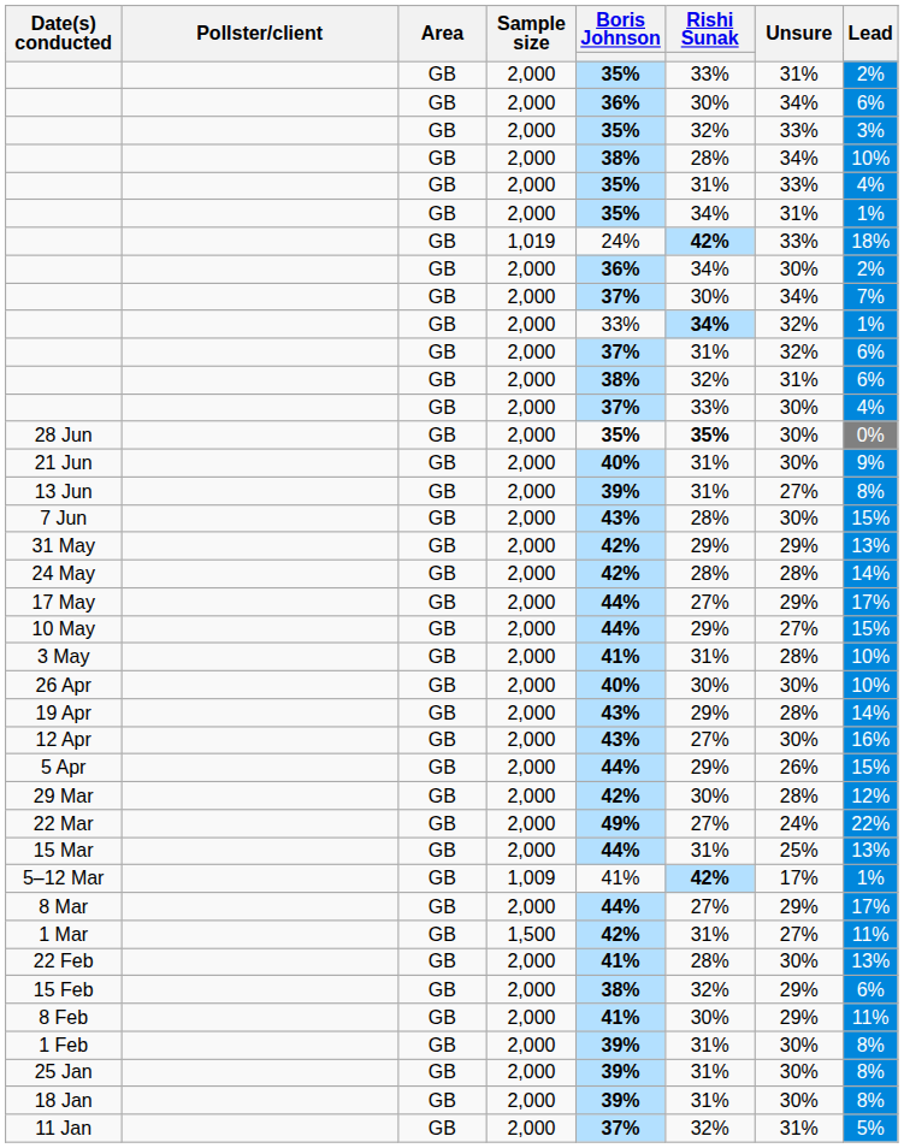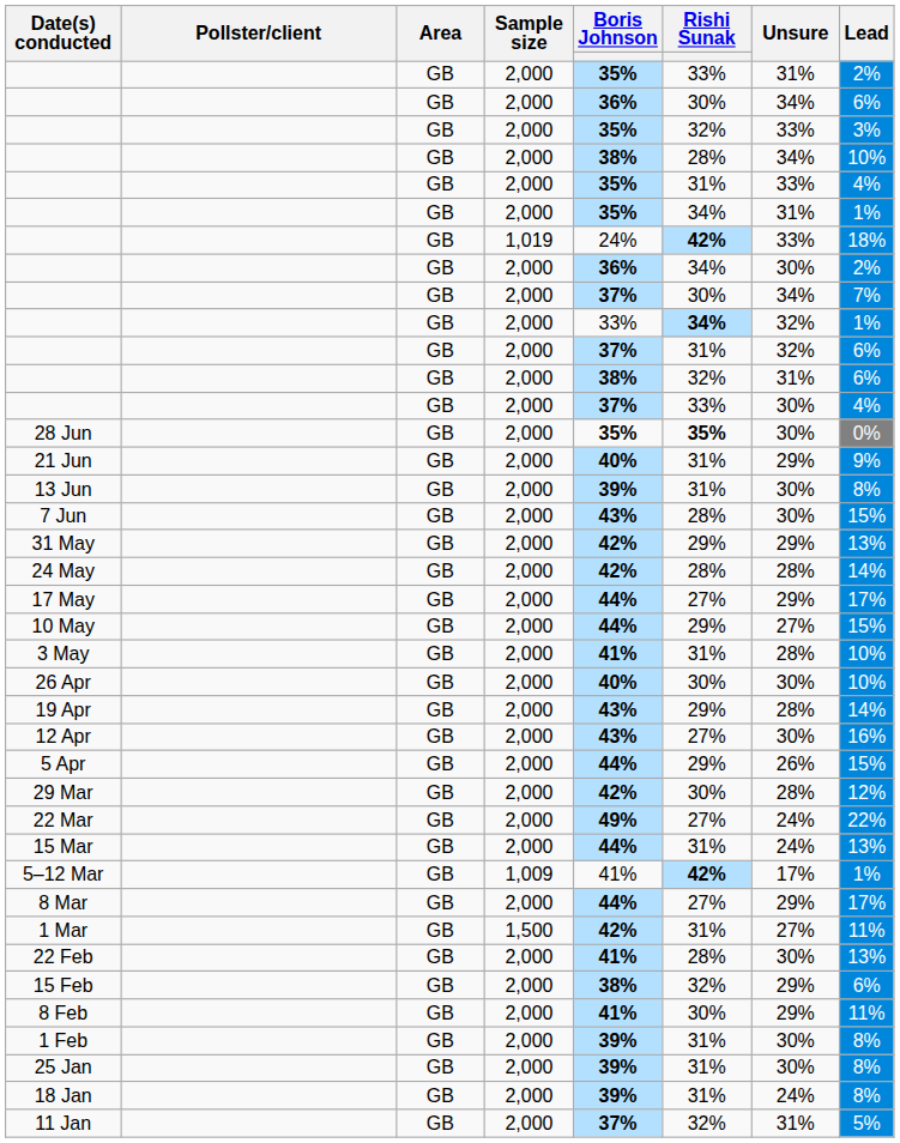 <table class="wikitable collapsible sortable mw-datatable" style="text-align:center;font-size:90%;line-height:14px">
 <tr>
 <th style="width:80px;" rowspan="2" class="unsortable">Date(s)<br>conducted</th>
 <th style="width:200px;" rowspan="2">Pollster/client</th>
 <th style="width:60px;" rowspan="2">Area</th>
 <th style="width:60px;" rowspan="2">Sample size</th>
 <th style="width:60px;" class="unsortable"><a href='#'>Boris Johnson</a></th>
 <th style="width:60px;" class="unsortable"><a href='#'>Rishi Sunak</a></th>
 <th style="width:60px;" rowspan="2" class="unsortable">Unsure</th>
 <th class="unsortable" style="width:20px;" rowspan="2">Lead</th>
 </tr>
 <tr>
 <th class="unsortable" style="color:inherit;background:"></th>
 <th class="unsortable" style="color:inherit;background:"></th>
 </tr>
 <tr>
 <td></td>
 <td></td>
 <td>GB</td>
 <td>2,000</td>
 <td style="background:#B3E0FF"><strong>35%</strong></td>
 <td>33%</td>
 <td>31%</td>
 <td style="background:#0087DC; color:white;">2%</td>
 </tr>
 <tr>
 <td></td>
 <td></td>
 <td>GB</td>
 <td>2,000</td>
 <td style="background:#B3E0FF"><strong>36%</strong></td>
 <td>30%</td>
 <td>34%</td>
 <td style="background:#0087DC; color:white;">6%</td>
 </tr>
 <tr>
 <td></td>
 <td></td>
 <td>GB</td>
 <td>2,000</td>
 <td style="background:#B3E0FF"><strong>35%</strong></td>
 <td>32%</td>
 <td>33%</td>
 <td style="background:#0087DC; color:white;">3%</td>
 </tr>
 <tr>
 <td></td>
 <td></td>
 <td>GB</td>
 <td>2,000</td>
 <td style="background:#B3E0FF"><strong>38%</strong></td>
 <td>28%</td>
 <td>34%</td>
 <td style="background:#0087DC; color:white;">10%</td>
 </tr>
 <tr>
 <td></td>
 <td></td>
 <td>GB</td>
 <td>2,000</td>
 <td style="background:#B3E0FF"><strong>35%</strong></td>
 <td>31%</td>
 <td>33%</td>
 <td style="background:#0087DC; color:white;">4%</td>
 </tr>
 <tr>
 <td></td>
 <td></td>
 <td>GB</td>
 <td>2,000</td>
 <td style="background:#B3E0FF"><strong>35%</strong></td>
 <td>34%</td>
 <td>31%</td>
 <td style="background:#0087DC; color:white;">1%</td>
 </tr>
 <tr>
 <td></td>
 <td></td>
 <td>GB</td>
 <td>1,019</td>
 <td>24%</td>
 <td style="background:#B3E0FF"><strong>42%</strong></td>
 <td>33%</td>
 <td style="background:#0087DC; color:white;">18%</td>
 </tr>
 <tr>
 <td></td>
 <td></td>
 <td>GB</td>
 <td>2,000</td>
 <td style="background:#B3E0FF"><strong>36%</strong></td>
 <td>34%</td>
 <td>30%</td>
 <td style="background:#0087DC; color:white;">2%</td>
 </tr>
 <tr>
 <td></td>
 <td></td>
 <td>GB</td>
 <td>2,000</td>
 <td style="background:#B3E0FF"><strong>37%</strong></td>
 <td>30%</td>
 <td>34%</td>
 <td style="background:#0087DC; color:white;">7%</td>
 </tr>
 <tr>
 <td></td>
 <td></td>
 <td>GB</td>
 <td>2,000</td>
 <td>33%</td>
 <td style="background:#B3E0FF"><strong>34%</strong></td>
 <td>32%</td>
 <td style="background:#0087DC; color:white;">1%</td>
 </tr>
 <tr>
 <td></td>
 <td></td>
 <td>GB</td>
 <td>2,000</td>
 <td style="background:#B3E0FF"><strong>37%</strong></td>
 <td>31%</td>
 <td>32%</td>
 <td style="background:#0087DC; color:white;">6%</td>
 </tr>
 <tr>
 <td></td>
 <td></td>
 <td>GB</td>
 <td>2,000</td>
 <td style="background:#B3E0FF"><strong>38%</strong></td>
 <td>32%</td>
 <td>31%</td>
 <td style="background:#0087DC; color:white;">6%</td>
 </tr>
 <tr>
 <td></td>
 <td></td>
 <td>GB</td>
 <td>2,000</td>
 <td style="background:#B3E0FF"><strong>37%</strong></td>
 <td>33%</td>
 <td>30%</td>
 <td style="background:#0087DC; color:white;">4%</td>
 </tr>
 <tr>
 <td>28 Jun</td>
 <td></td>
 <td>GB</td>
 <td>2,000</td>
 <td><strong>35%</strong></td>
 <td><strong>35%</strong></td>
 <td>30%</td>
 <td style="background:grey;color:white;">0%</td>
 </tr>
 <tr>
 <td>21 Jun</td>
 <td></td>
 <td>GB</td>
 <td>2,000</td>
 <td style="background:#B3E0FF"><strong>40%</strong></td>
 <td>31%</td>
-<td>30%</td>
+<td>29%</td>
 <td style="background:#0087DC; color:white;">9%</td>
 </tr>
 <tr>
 <td>13 Jun</td>
 <td></td>
 <td>GB</td>
 <td>2,000</td>
 <td style="background:#B3E0FF"><strong>39%</strong></td>
 <td>31%</td>
-<td>27%</td>
+<td>30%</td>
 <td style="background:#0087DC; color:white;">8%</td>
 </tr>
 <tr>
 <td>7 Jun</td>
 <td></td>
 <td>GB</td>
 <td>2,000</td>
 <td style="background:#B3E0FF"><strong>43%</strong></td>
 <td>28%</td>
 <td>30%</td>
 <td style="background:#0087DC; color:white;">15%</td>
 </tr>
 <tr>
 <td>31 May</td>
 <td></td>
 <td>GB</td>
 <td>2,000</td>
 <td style="background:#B3E0FF"><strong>42%</strong></td>
 <td>29%</td>
 <td>29%</td>
 <td style="background:#0087DC; color:white;">13%</td>
 </tr>
 <tr>
 <td>24 May</td>
 <td></td>
 <td>GB</td>
 <td>2,000</td>
 <td style="background:#B3E0FF"><strong>42%</strong></td>
 <td>28%</td>
 <td>28%</td>
 <td style="background:#0087DC; color:white;">14%</td>
 </tr>
 <tr>
 <td>17 May</td>
 <td></td>
 <td>GB</td>
 <td>2,000</td>
 <td style="background:#B3E0FF"><strong>44%</strong></td>
 <td>27%</td>
 <td>29%</td>
 <td style="background:#0087DC; color:white;">17%</td>
 </tr>
 <tr>
 <td>10 May</td>
 <td></td>
 <td>GB</td>
 <td>2,000</td>
 <td style="background:#B3E0FF"><strong>44%</strong></td>
 <td>29%</td>
 <td>27%</td>
 <td style="background:#0087DC; color:white;">15%</td>
 </tr>
 <tr>
 <td>3 May</td>
 <td></td>
 <td>GB</td>
 <td>2,000</td>
 <td style="background:#B3E0FF"><strong>41%</strong></td>
 <td>31%</td>
 <td>28%</td>
 <td style="background:#0087DC; color:white;">10%</td>
 </tr>
 <tr>
 <td>26 Apr</td>
 <td></td>
 <td>GB</td>
 <td>2,000</td>
 <td style="background:#B3E0FF"><strong>40%</strong></td>
 <td>30%</td>
 <td>30%</td>
 <td style="background:#0087DC; color:white;">10%</td>
 </tr>
 <tr>
 <td>19 Apr</td>
 <td></td>
 <td>GB</td>
 <td>2,000</td>
 <td style="background:#B3E0FF"><strong>43%</strong></td>
 <td>29%</td>
 <td>28%</td>
 <td style="background:#0087DC; color:white;">14%</td>
 </tr>
 <tr>
 <td>12 Apr</td>
 <td></td>
 <td>GB</td>
 <td>2,000</td>
 <td style="background:#B3E0FF"><strong>43%</strong></td>
 <td>27%</td>
 <td>30%</td>
 <td style="background:#0087DC; color:white;">16%</td>
 </tr>
 <tr>
 <td>5 Apr</td>
 <td></td>
 <td>GB</td>
 <td>2,000</td>
 <td style="background:#B3E0FF"><strong>44%</strong></td>
 <td>29%</td>
 <td>26%</td>
 <td style="background:#0087DC; color:white;">15%</td>
 </tr>
 <tr>
 <td>29 Mar</td>
 <td></td>
 <td>GB</td>
 <td>2,000</td>
 <td style="background:#B3E0FF"><strong>42%</strong></td>
 <td>30%</td>
 <td>28%</td>
 <td style="background:#0087DC; color:white;">12%</td>
 </tr>
 <tr>
 <td>22 Mar</td>
 <td></td>
 <td>GB</td>
 <td>2,000</td>
 <td style="background:#B3E0FF"><strong>49%</strong></td>
 <td>27%</td>
 <td>24%</td>
 <td style="background:#0087DC; color:white;">22%</td>
 </tr>
 <tr>
 <td>15 Mar</td>
 <td></td>
 <td>GB</td>
 <td>2,000</td>
 <td style="background:#B3E0FF"><strong>44%</strong></td>
 <td>31%</td>
-<td>25%</td>
+<td>24%</td>
 <td style="background:#0087DC; color:white;">13%</td>
 </tr>
 <tr>
 <td>5–12 Mar</td>
 <td></td>
 <td>GB</td>
 <td>1,009</td>
 <td>41%</td>
 <td style="background:#B3E0FF"><strong>42%</strong></td>
 <td>17%</td>
 <td style="background:#0087DC; color:white;">1%</td>
 </tr>
 <tr>
 <td>8 Mar</td>
 <td></td>
 <td>GB</td>
 <td>2,000</td>
 <td style="background:#B3E0FF"><strong>44%</strong></td>
 <td>27%</td>
 <td>29%</td>
 <td style="background:#0087DC; color:white;">17%</td>
 </tr>
 <tr>
 <td>1 Mar</td>
 <td></td>
 <td>GB</td>
 <td>1,500</td>
 <td style="background:#B3E0FF"><strong>42%</strong></td>
 <td>31%</td>
 <td>27%</td>
 <td style="background:#0087DC; color:white;">11%</td>
 </tr>
 <tr>
 <td>22 Feb</td>
 <td></td>
 <td>GB</td>
 <td>2,000</td>
 <td style="background:#B3E0FF"><strong>41%</strong></td>
 <td>28%</td>
 <td>30%</td>
 <td style="background:#0087DC; color:white;">13%</td>
 </tr>
 <tr>
 <td>15 Feb</td>
 <td></td>
 <td>GB</td>
 <td>2,000</td>
 <td style="background:#B3E0FF"><strong>38%</strong></td>
 <td>32%</td>
 <td>29%</td>
 <td style="background:#0087DC; color:white;">6%</td>
 </tr>
 <tr>
 <td>8 Feb</td>
 <td></td>
 <td>GB</td>
 <td>2,000</td>
 <td style="background:#B3E0FF"><strong>41%</strong></td>
 <td>30%</td>
 <td>29%</td>
 <td style="background:#0087DC; color:white;">11%</td>
 </tr>
 <tr>
 <td>1 Feb</td>
 <td></td>
 <td>GB</td>
 <td>2,000</td>
 <td style="background:#B3E0FF"><strong>39%</strong></td>
 <td>31%</td>
 <td>30%</td>
 <td style="background:#0087DC; color:white;">8%</td>
 </tr>
 <tr>
 <td>25 Jan</td>
 <td></td>
 <td>GB</td>
 <td>2,000</td>
 <td style="background:#B3E0FF"><strong>39%</strong></td>
 <td>31%</td>
 <td>30%</td>
 <td style="background:#0087DC; color:white;">8%</td>
 </tr>
 <tr>
 <td>18 Jan</td>
 <td></td>
 <td>GB</td>
 <td>2,000</td>
 <td style="background:#B3E0FF"><strong>39%</strong></td>
 <td>31%</td>
-<td>30%</td>
+<td>24%</td>
 <td style="background:#0087DC; color:white;">8%</td>
 </tr>
 <tr>
 <td>11 Jan</td>
 <td></td>
 <td>GB</td>
 <td>2,000</td>
 <td style="background:#B3E0FF"><strong>37%</strong></td>
 <td>32%</td>
 <td>31%</td>
 <td style="background:#0087DC; color:white;">5%</td>
 </tr>
 </table>
